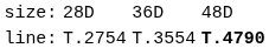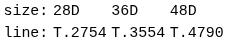 <table style="margin-left:40px;">
 <tr>
 <td>size:</td>
 <td>28D</td>
 <td>36D</td>
 <td>48D</td>
 </tr>
 <tr>
 <td>line:</td>
 <td>T.2754</td>
 <td>T.3554</td>
-<td><strong>T.4790</strong></td>
+<td>T.4790</td>
 </tr>
 </table>
